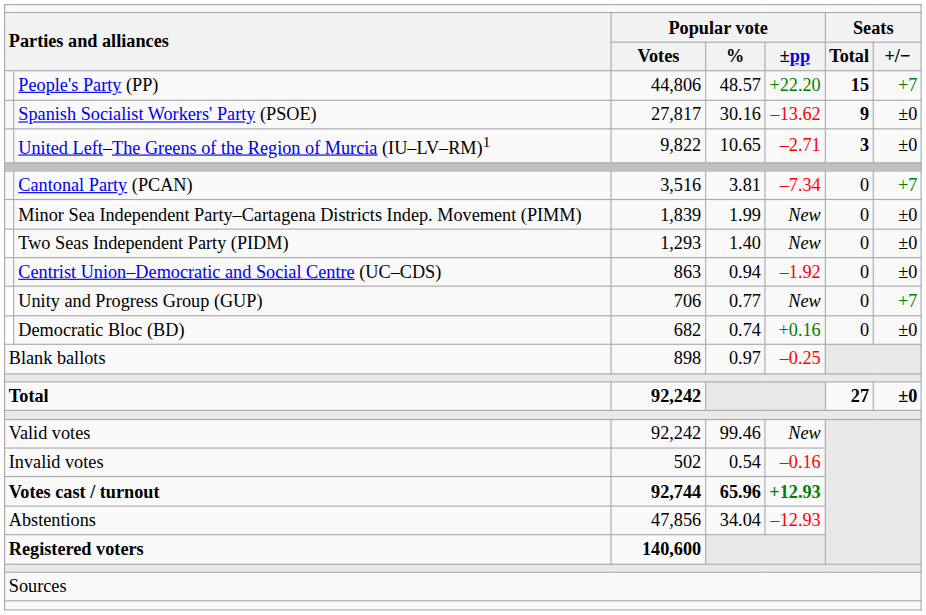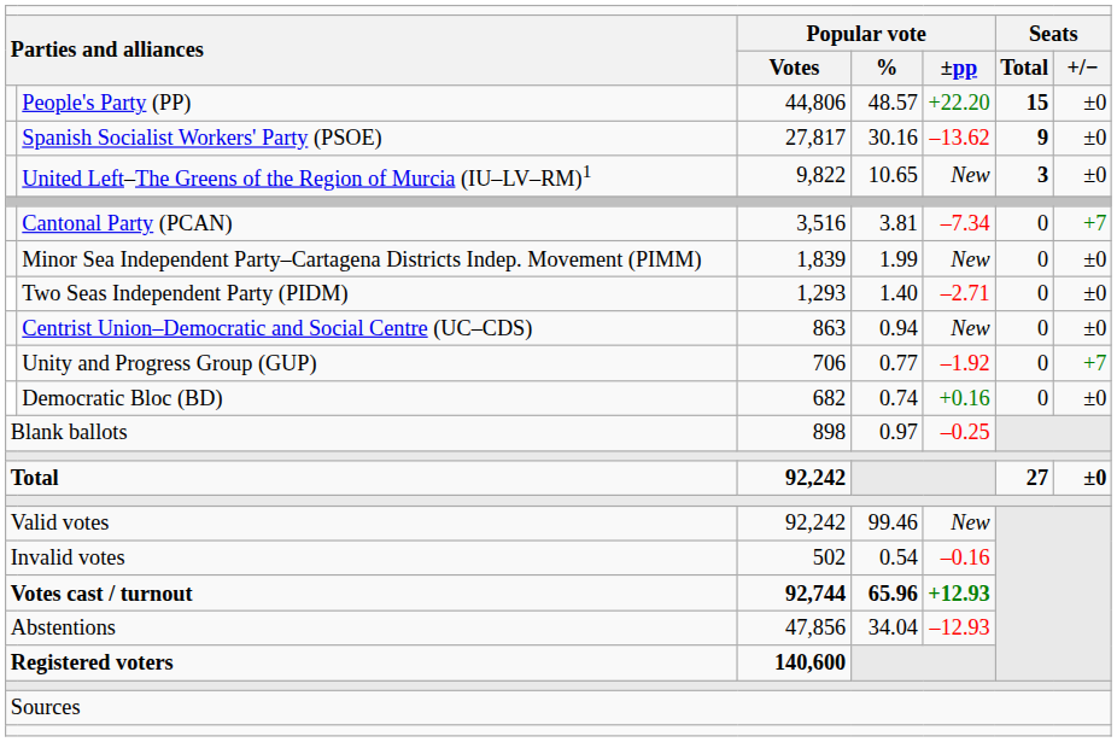 <table class="wikitable" style="text-align:right;">
 <tr>
 <td colspan="7"></td>
 </tr>
 <tr>
 <th style="text-align:left;" rowspan="2" colspan="2" width="525">Parties and alliances</th>
 <th colspan="3">Popular vote</th>
 <th colspan="2">Seats</th>
 </tr>
 <tr>
 <th width="75">Votes</th>
 <th width="45">%</th>
 <th width="45">±<a href='#'>pp</a></th>
 <th width="35">Total</th>
 <th width="35">+/−</th>
 </tr>
 <tr>
 <td width="1" style="color:inherit;background:"></td>
 <td align="left"><a href='#'>People's Party</a> (PP)</td>
 <td>44,806</td>
 <td>48.57</td>
 <td style="color:green;">+22.20</td>
 <td><strong>15</strong></td>
-<td style="color:green;">+7</td>
+<td>±0</td>
 </tr>
 <tr>
 <td style="color:inherit;background:"></td>
 <td align="left"><a href='#'>Spanish Socialist Workers' Party</a> (PSOE)</td>
 <td>27,817</td>
 <td>30.16</td>
 <td style="color:red;">–13.62</td>
 <td><strong>9</strong></td>
 <td>±0</td>
 </tr>
 <tr>
 <td style="color:inherit;background:"></td>
 <td align="left"><a href='#'>United Left</a>–<a href='#'>The Greens of the Region of Murcia</a> (IU–LV–RM)<sup>1</sup></td>
 <td>9,822</td>
 <td>10.65</td>
-<td style="color:red;">–2.71</td>
+<td><em>New</em></td>
 <td><strong>3</strong></td>
 <td>±0</td>
 </tr>
 <tr>
 <td colspan="7" bgcolor="#C0C0C0"></td>
 </tr>
 <tr>
 <td style="color:inherit;background:"></td>
 <td align="left"><a href='#'>Cantonal Party</a> (PCAN)</td>
 <td>3,516</td>
 <td>3.81</td>
 <td style="color:red;">–7.34</td>
 <td>0</td>
 <td style="color:green;">+7</td>
 </tr>
 <tr>
 <td style="color:inherit;background:"></td>
 <td align="left">Minor Sea Independent Party–Cartagena Districts Indep. Movement (PIMM)</td>
 <td>1,839</td>
 <td>1.99</td>
 <td><em>New</em></td>
 <td>0</td>
 <td>±0</td>
 </tr>
 <tr>
 <td bgcolor="white"></td>
 <td align="left">Two Seas Independent Party (PIDM)</td>
 <td>1,293</td>
 <td>1.40</td>
-<td><em>New</em></td>
+<td style="color:red;">–2.71</td>
 <td>0</td>
 <td>±0</td>
 </tr>
 <tr>
 <td style="color:inherit;background:"></td>
 <td align="left"><a href='#'>Centrist Union–Democratic and Social Centre</a> (UC–CDS)</td>
 <td>863</td>
 <td>0.94</td>
-<td style="color:red;">–1.92</td>
+<td><em>New</em></td>
 <td>0</td>
 <td>±0</td>
 </tr>
 <tr>
 <td bgcolor="white"></td>
 <td align="left">Unity and Progress Group (GUP)</td>
 <td>706</td>
 <td>0.77</td>
-<td><em>New</em></td>
+<td style="color:red;">–1.92</td>
 <td>0</td>
 <td style="color:green;">+7</td>
 </tr>
 <tr>
 <td bgcolor="white"></td>
 <td align="left">Democratic Bloc (BD)</td>
 <td>682</td>
 <td>0.74</td>
 <td style="color:green;">+0.16</td>
 <td>0</td>
 <td>±0</td>
 </tr>
 <tr>
 <td align="left" colspan="2">Blank ballots</td>
 <td>898</td>
 <td>0.97</td>
 <td style="color:red;">–0.25</td>
 <td bgcolor="#E9E9E9" colspan="2"></td>
 </tr>
 <tr>
 <td colspan="7" bgcolor="#E9E9E9"></td>
 </tr>
 <tr style="font-weight:bold;">
 <td align="left" colspan="2">Total</td>
 <td>92,242</td>
 <td bgcolor="#E9E9E9" colspan="2"></td>
 <td>27</td>
 <td>±0</td>
 </tr>
 <tr>
 <td colspan="7" bgcolor="#E9E9E9"></td>
 </tr>
 <tr>
 <td align="left" colspan="2">Valid votes</td>
 <td>92,242</td>
 <td>99.46</td>
 <td><em>New</em></td>
 <td bgcolor="#E9E9E9" colspan="2" rowspan="5"></td>
 </tr>
 <tr>
 <td align="left" colspan="2">Invalid votes</td>
 <td>502</td>
 <td>0.54</td>
 <td style="color:red;">–0.16</td>
 </tr>
 <tr style="font-weight:bold;">
 <td align="left" colspan="2">Votes cast / turnout</td>
 <td>92,744</td>
 <td>65.96</td>
 <td style="color:green;">+12.93</td>
 </tr>
 <tr>
 <td align="left" colspan="2">Abstentions</td>
 <td>47,856</td>
 <td>34.04</td>
 <td style="color:red;">–12.93</td>
 </tr>
 <tr style="font-weight:bold;">
 <td align="left" colspan="2">Registered voters</td>
 <td>140,600</td>
 <td bgcolor="#E9E9E9" colspan="2"></td>
 </tr>
 <tr>
 <td colspan="7" bgcolor="#E9E9E9"></td>
 </tr>
 <tr>
 <td align="left" colspan="7">Sources</td>
 </tr>
 <tr>
 <td colspan="7" style="text-align:left; max-width:790px;"></td>
 </tr>
 </table>
